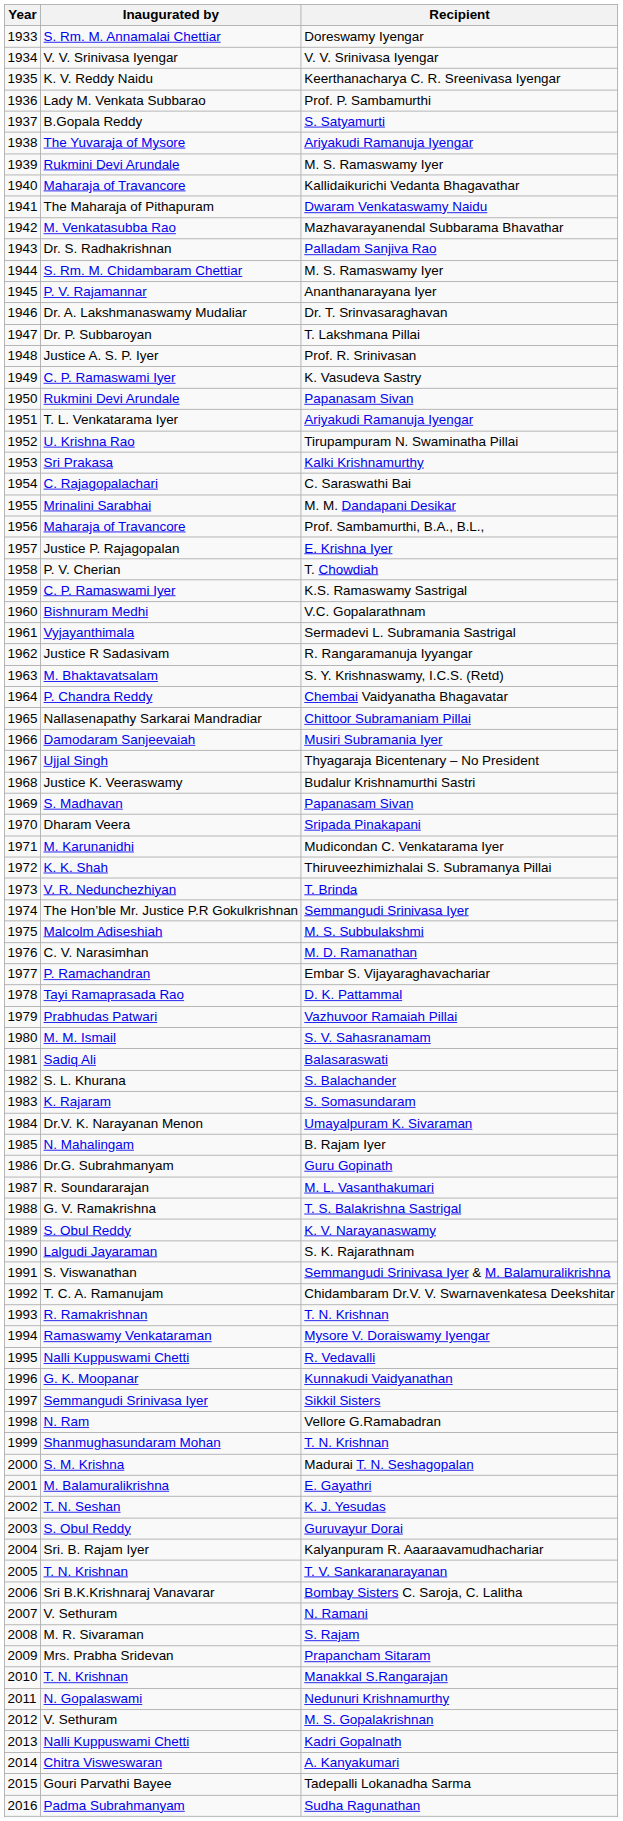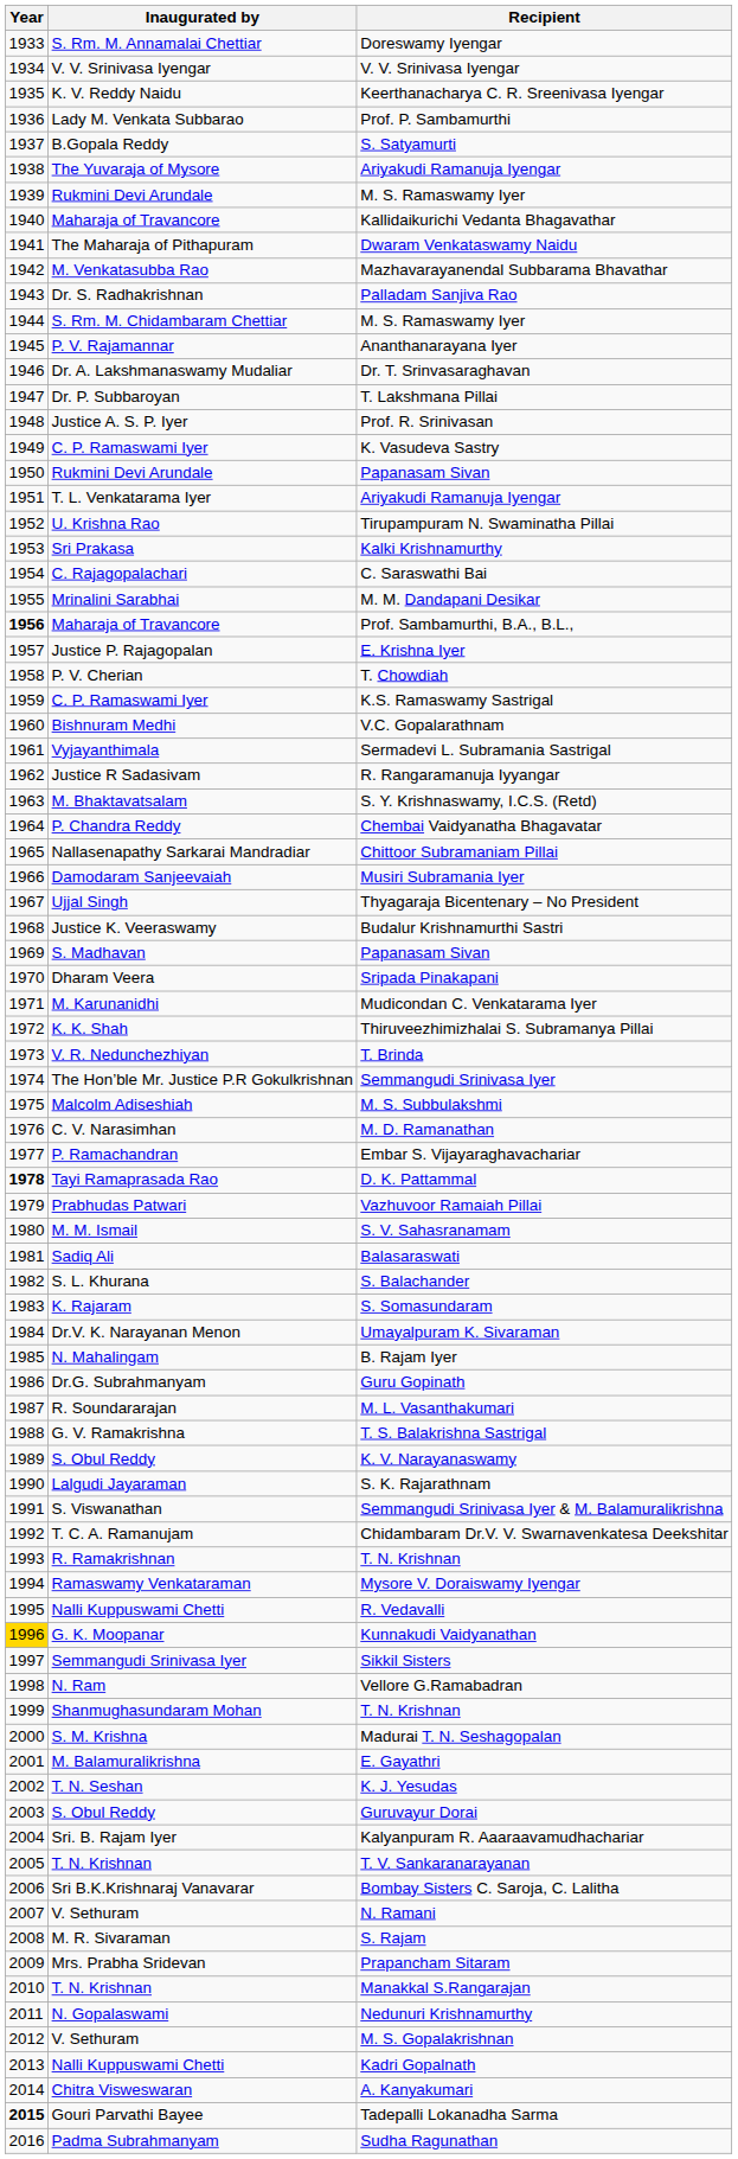 <table class="wikitable">
 <tr>
 <th>Year</th>
 <th>Inaugurated by</th>
 <th>Recipient</th>
 </tr>
 <tr>
 <td>1933</td>
 <td><a href='#'>S. Rm. M. Annamalai Chettiar</a></td>
 <td>Doreswamy Iyengar</td>
 </tr>
 <tr>
 <td>1934</td>
 <td>V. V. Srinivasa Iyengar</td>
 <td>V. V. Srinivasa Iyengar</td>
 </tr>
 <tr>
 <td>1935</td>
 <td>K. V. Reddy Naidu</td>
 <td>Keerthanacharya C. R. Sreenivasa Iyengar</td>
 </tr>
 <tr>
 <td>1936</td>
 <td>Lady M. Venkata Subbarao</td>
 <td>Prof. P. Sambamurthi</td>
 </tr>
 <tr>
 <td>1937</td>
 <td>B.Gopala Reddy</td>
 <td><a href='#'>S. Satyamurti</a></td>
 </tr>
 <tr>
 <td>1938</td>
 <td><a href='#'>The Yuvaraja of Mysore</a></td>
 <td><a href='#'>Ariyakudi Ramanuja Iyengar</a></td>
 </tr>
 <tr>
 <td>1939</td>
 <td><a href='#'>Rukmini Devi Arundale</a></td>
 <td>M. S. Ramaswamy Iyer</td>
 </tr>
 <tr>
 <td>1940</td>
 <td><a href='#'>Maharaja of Travancore</a></td>
 <td>Kallidaikurichi Vedanta Bhagavathar</td>
 </tr>
 <tr>
 <td>1941</td>
 <td>The Maharaja of Pithapuram</td>
 <td><a href='#'>Dwaram Venkataswamy Naidu</a></td>
 </tr>
 <tr>
 <td>1942</td>
 <td><a href='#'>M. Venkatasubba Rao</a></td>
 <td>Mazhavarayanendal Subbarama Bhavathar</td>
 </tr>
 <tr>
 <td>1943</td>
 <td>Dr. S. Radhakrishnan</td>
 <td><a href='#'>Palladam Sanjiva Rao</a></td>
 </tr>
 <tr>
 <td>1944</td>
 <td><a href='#'>S. Rm. M. Chidambaram Chettiar</a></td>
 <td>M. S. Ramaswamy Iyer</td>
 </tr>
 <tr>
 <td>1945</td>
 <td><a href='#'>P. V. Rajamannar</a></td>
 <td>Ananthanarayana Iyer</td>
 </tr>
 <tr>
 <td>1946</td>
 <td>Dr. A. Lakshmanaswamy Mudaliar</td>
 <td>Dr. T. Srinvasaraghavan</td>
 </tr>
 <tr>
 <td>1947</td>
 <td>Dr. P. Subbaroyan</td>
 <td>T. Lakshmana Pillai</td>
 </tr>
 <tr>
 <td>1948</td>
 <td>Justice A. S. P. Iyer</td>
 <td>Prof. R. Srinivasan</td>
 </tr>
 <tr>
 <td>1949</td>
 <td><a href='#'>C. P. Ramaswami Iyer</a></td>
 <td>K. Vasudeva Sastry</td>
 </tr>
 <tr>
 <td>1950</td>
 <td><a href='#'>Rukmini Devi Arundale</a></td>
 <td><a href='#'>Papanasam Sivan</a></td>
 </tr>
 <tr>
 <td>1951</td>
 <td>T. L. Venkatarama Iyer</td>
 <td><a href='#'>Ariyakudi Ramanuja Iyengar</a></td>
 </tr>
 <tr>
 <td>1952</td>
 <td><a href='#'>U. Krishna Rao</a></td>
 <td>Tirupampuram N. Swaminatha Pillai</td>
 </tr>
 <tr>
 <td>1953</td>
 <td><a href='#'>Sri Prakasa</a></td>
 <td><a href='#'>Kalki Krishnamurthy</a></td>
 </tr>
 <tr>
 <td>1954</td>
 <td><a href='#'>C. Rajagopalachari</a></td>
 <td>C. Saraswathi Bai</td>
 </tr>
 <tr>
 <td>1955</td>
 <td><a href='#'>Mrinalini Sarabhai</a></td>
 <td>M. M. <a href='#'>Dandapani Desikar</a></td>
 </tr>
 <tr>
-<td>1956</td>
+<td><strong>1956</strong></td>
 <td><a href='#'>Maharaja of Travancore</a></td>
 <td>Prof. Sambamurthi, B.A., B.L.,</td>
 </tr>
 <tr>
 <td>1957</td>
 <td>Justice P. Rajagopalan</td>
 <td><a href='#'>E. Krishna Iyer</a></td>
 </tr>
 <tr>
 <td>1958</td>
 <td>P. V. Cherian</td>
 <td>T. <a href='#'>Chowdiah</a></td>
 </tr>
 <tr>
 <td>1959</td>
 <td><a href='#'>C. P. Ramaswami Iyer</a></td>
 <td>K.S. Ramaswamy Sastrigal</td>
 </tr>
 <tr>
 <td>1960</td>
 <td><a href='#'>Bishnuram Medhi</a></td>
 <td>V.C. Gopalarathnam</td>
 </tr>
 <tr>
 <td>1961</td>
 <td><a href='#'>Vyjayanthimala</a></td>
 <td>Sermadevi L. Subramania Sastrigal</td>
 </tr>
 <tr>
 <td>1962</td>
 <td>Justice R Sadasivam</td>
 <td>R. Rangaramanuja Iyyangar</td>
 </tr>
 <tr>
 <td>1963</td>
 <td><a href='#'>M. Bhaktavatsalam</a></td>
 <td>S. Y. Krishnaswamy, I.C.S. (Retd)</td>
 </tr>
 <tr>
 <td>1964</td>
 <td><a href='#'>P. Chandra Reddy</a></td>
 <td><a href='#'>Chembai</a> Vaidyanatha Bhagavatar</td>
 </tr>
 <tr>
 <td>1965</td>
 <td>Nallasenapathy Sarkarai Mandradiar</td>
 <td><a href='#'>Chittoor Subramaniam Pillai</a></td>
 </tr>
 <tr>
 <td>1966</td>
 <td><a href='#'>Damodaram Sanjeevaiah</a></td>
 <td><a href='#'>Musiri Subramania Iyer</a></td>
 </tr>
 <tr>
 <td>1967</td>
 <td><a href='#'>Ujjal Singh</a></td>
 <td>Thyagaraja Bicentenary – No President</td>
 </tr>
 <tr>
 <td>1968</td>
 <td>Justice K. Veeraswamy</td>
 <td>Budalur Krishnamurthi Sastri</td>
 </tr>
 <tr>
 <td>1969</td>
 <td><a href='#'>S. Madhavan</a></td>
 <td><a href='#'>Papanasam Sivan</a></td>
 </tr>
 <tr>
 <td>1970</td>
 <td>Dharam Veera</td>
 <td><a href='#'>Sripada Pinakapani</a></td>
 </tr>
 <tr>
 <td>1971</td>
 <td><a href='#'>M. Karunanidhi</a></td>
 <td>Mudicondan C. Venkatarama Iyer</td>
 </tr>
 <tr>
 <td>1972</td>
 <td><a href='#'>K. K. Shah</a></td>
 <td>Thiruveezhimizhalai S. Subramanya Pillai</td>
 </tr>
 <tr>
 <td>1973</td>
 <td><a href='#'>V. R. Nedunchezhiyan</a></td>
 <td><a href='#'>T. Brinda</a></td>
 </tr>
 <tr>
 <td>1974</td>
 <td>The Hon’ble Mr. Justice P.R Gokulkrishnan</td>
 <td><a href='#'>Semmangudi Srinivasa Iyer</a></td>
 </tr>
 <tr>
 <td>1975</td>
 <td><a href='#'>Malcolm Adiseshiah</a></td>
 <td><a href='#'>M. S. Subbulakshmi</a></td>
 </tr>
 <tr>
 <td>1976</td>
 <td>C. V. Narasimhan</td>
 <td><a href='#'>M. D. Ramanathan</a></td>
 </tr>
 <tr>
 <td>1977</td>
 <td><a href='#'>P. Ramachandran</a></td>
 <td>Embar S. Vijayaraghavachariar</td>
 </tr>
 <tr>
-<td>1978</td>
+<td><strong>1978</strong></td>
 <td><a href='#'>Tayi Ramaprasada Rao</a></td>
 <td><a href='#'>D. K. Pattammal</a></td>
 </tr>
 <tr>
 <td>1979</td>
 <td><a href='#'>Prabhudas Patwari</a></td>
 <td><a href='#'>Vazhuvoor Ramaiah Pillai</a></td>
 </tr>
 <tr>
 <td>1980</td>
 <td><a href='#'>M. M. Ismail</a></td>
 <td><a href='#'>S. V. Sahasranamam</a></td>
 </tr>
 <tr>
 <td>1981</td>
 <td><a href='#'>Sadiq Ali</a></td>
 <td><a href='#'>Balasaraswati</a></td>
 </tr>
 <tr>
 <td>1982</td>
 <td>S. L. Khurana</td>
 <td><a href='#'>S. Balachander</a></td>
 </tr>
 <tr>
 <td>1983</td>
 <td><a href='#'>K. Rajaram</a></td>
 <td><a href='#'>S. Somasundaram</a></td>
 </tr>
 <tr>
 <td>1984</td>
 <td>Dr.V. K. Narayanan Menon</td>
 <td><a href='#'>Umayalpuram K. Sivaraman</a></td>
 </tr>
 <tr>
 <td>1985</td>
 <td><a href='#'>N. Mahalingam</a></td>
 <td>B. Rajam Iyer</td>
 </tr>
 <tr>
 <td>1986</td>
 <td>Dr.G. Subrahmanyam</td>
 <td><a href='#'>Guru Gopinath</a></td>
 </tr>
 <tr>
 <td>1987</td>
 <td>R. Soundararajan</td>
 <td><a href='#'>M. L. Vasanthakumari</a></td>
 </tr>
 <tr>
 <td>1988</td>
 <td>G. V. Ramakrishna</td>
 <td><a href='#'>T. S. Balakrishna Sastrigal</a></td>
 </tr>
 <tr>
 <td>1989</td>
 <td><a href='#'>S. Obul Reddy</a></td>
 <td><a href='#'>K. V. Narayanaswamy</a></td>
 </tr>
 <tr>
 <td>1990</td>
 <td><a href='#'>Lalgudi Jayaraman</a></td>
 <td>S. K. Rajarathnam</td>
 </tr>
 <tr>
 <td>1991</td>
 <td>S. Viswanathan</td>
 <td><a href='#'>Semmangudi Srinivasa Iyer</a> & <a href='#'>M. Balamuralikrishna</a></td>
 </tr>
 <tr>
 <td>1992</td>
 <td>T. C. A. Ramanujam</td>
 <td>Chidambaram Dr.V. V. Swarnavenkatesa Deekshitar</td>
 </tr>
 <tr>
 <td>1993</td>
 <td><a href='#'>R. Ramakrishnan</a></td>
 <td><a href='#'>T. N. Krishnan</a></td>
 </tr>
 <tr>
 <td>1994</td>
 <td><a href='#'>Ramaswamy Venkataraman</a></td>
 <td><a href='#'>Mysore V. Doraiswamy Iyengar</a></td>
 </tr>
 <tr>
 <td>1995</td>
 <td><a href='#'>Nalli Kuppuswami Chetti</a></td>
 <td><a href='#'>R. Vedavalli</a></td>
 </tr>
 <tr>
-<td>1996</td>
+<td style="background: gold;">1996</td>
 <td><a href='#'>G. K. Moopanar</a></td>
 <td><a href='#'>Kunnakudi Vaidyanathan</a></td>
 </tr>
 <tr>
 <td>1997</td>
 <td><a href='#'>Semmangudi Srinivasa Iyer</a></td>
 <td><a href='#'>Sikkil Sisters</a></td>
 </tr>
 <tr>
 <td>1998</td>
 <td><a href='#'>N. Ram</a></td>
 <td>Vellore G.Ramabadran</td>
 </tr>
 <tr>
 <td>1999</td>
 <td><a href='#'>Shanmughasundaram Mohan</a></td>
 <td><a href='#'>T. N. Krishnan</a></td>
 </tr>
 <tr>
 <td>2000</td>
 <td><a href='#'>S. M. Krishna</a></td>
 <td>Madurai <a href='#'>T. N. Seshagopalan</a></td>
 </tr>
 <tr>
 <td>2001</td>
 <td><a href='#'>M. Balamuralikrishna</a></td>
 <td><a href='#'>E. Gayathri</a></td>
 </tr>
 <tr>
 <td>2002</td>
 <td><a href='#'>T. N. Seshan</a></td>
 <td><a href='#'>K. J. Yesudas</a></td>
 </tr>
 <tr>
 <td>2003</td>
 <td><a href='#'>S. Obul Reddy</a></td>
 <td><a href='#'>Guruvayur Dorai</a></td>
 </tr>
 <tr>
 <td>2004</td>
 <td>Sri. B. Rajam Iyer</td>
 <td>Kalyanpuram R. Aaaraavamudhachariar</td>
 </tr>
 <tr>
 <td>2005</td>
 <td><a href='#'>T. N. Krishnan</a></td>
 <td><a href='#'>T. V. Sankaranarayanan</a></td>
 </tr>
 <tr>
 <td>2006</td>
 <td>Sri B.K.Krishnaraj Vanavarar</td>
 <td><a href='#'>Bombay Sisters</a> C. Saroja, C. Lalitha</td>
 </tr>
 <tr>
 <td>2007</td>
 <td>V. Sethuram</td>
 <td><a href='#'>N. Ramani</a></td>
 </tr>
 <tr>
 <td>2008</td>
 <td>M. R. Sivaraman</td>
 <td><a href='#'>S. Rajam</a></td>
 </tr>
 <tr>
 <td>2009</td>
 <td>Mrs. Prabha Sridevan</td>
 <td><a href='#'>Prapancham Sitaram</a></td>
 </tr>
 <tr>
 <td>2010</td>
 <td><a href='#'>T. N. Krishnan</a></td>
 <td><a href='#'>Manakkal S.Rangarajan</a></td>
 </tr>
 <tr>
 <td>2011</td>
 <td><a href='#'>N. Gopalaswami</a></td>
 <td><a href='#'>Nedunuri Krishnamurthy</a></td>
 </tr>
 <tr>
 <td>2012</td>
 <td>V. Sethuram</td>
 <td><a href='#'>M. S. Gopalakrishnan</a></td>
 </tr>
 <tr>
 <td>2013</td>
 <td><a href='#'>Nalli Kuppuswami Chetti</a></td>
 <td><a href='#'>Kadri Gopalnath</a></td>
 </tr>
 <tr>
 <td>2014</td>
 <td><a href='#'>Chitra Visweswaran</a></td>
 <td><a href='#'>A. Kanyakumari</a></td>
 </tr>
 <tr>
-<td>2015</td>
+<td><strong>2015</strong></td>
 <td>Gouri Parvathi Bayee</td>
 <td>Tadepalli Lokanadha Sarma</td>
 </tr>
 <tr>
 <td>2016</td>
 <td><a href='#'>Padma Subrahmanyam</a></td>
 <td><a href='#'>Sudha Ragunathan</a></td>
 </tr>
 </table>
